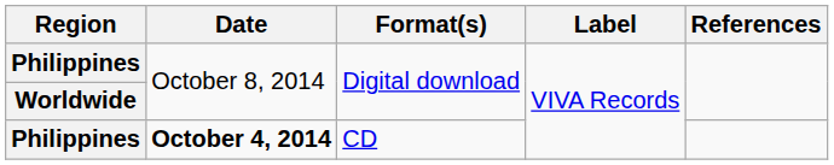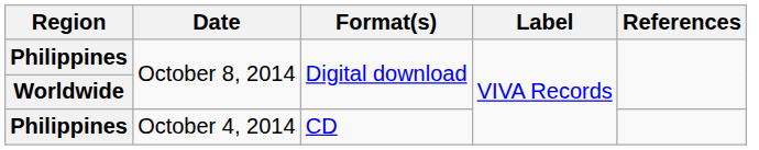 <table class="wikitable plainrowheaders">
 <tr>
 <th scope="col">Region</th>
 <th scope="col">Date</th>
 <th scope="col">Format(s)</th>
 <th scope="col">Label</th>
 <th scope="col">References</th>
 </tr>
 <tr>
 <th scope="row">Philippines</th>
 <td rowspan="2">October 8, 2014</td>
 <td rowspan="2"><a href='#'>Digital download</a></td>
 <td rowspan="3"><a href='#'>VIVA Records</a></td>
 <td rowspan="2"></td>
 </tr>
 <tr>
 <th scope="row">Worldwide</th>
 </tr>
 <tr>
 <th scope="row">Philippines</th>
-<td><strong>October 4, 2014</strong></td>
+<td>October 4, 2014</td>
 <td rowspan="2"><a href='#'>CD</a></td>
 <td></td>
 </tr>
 </table>
